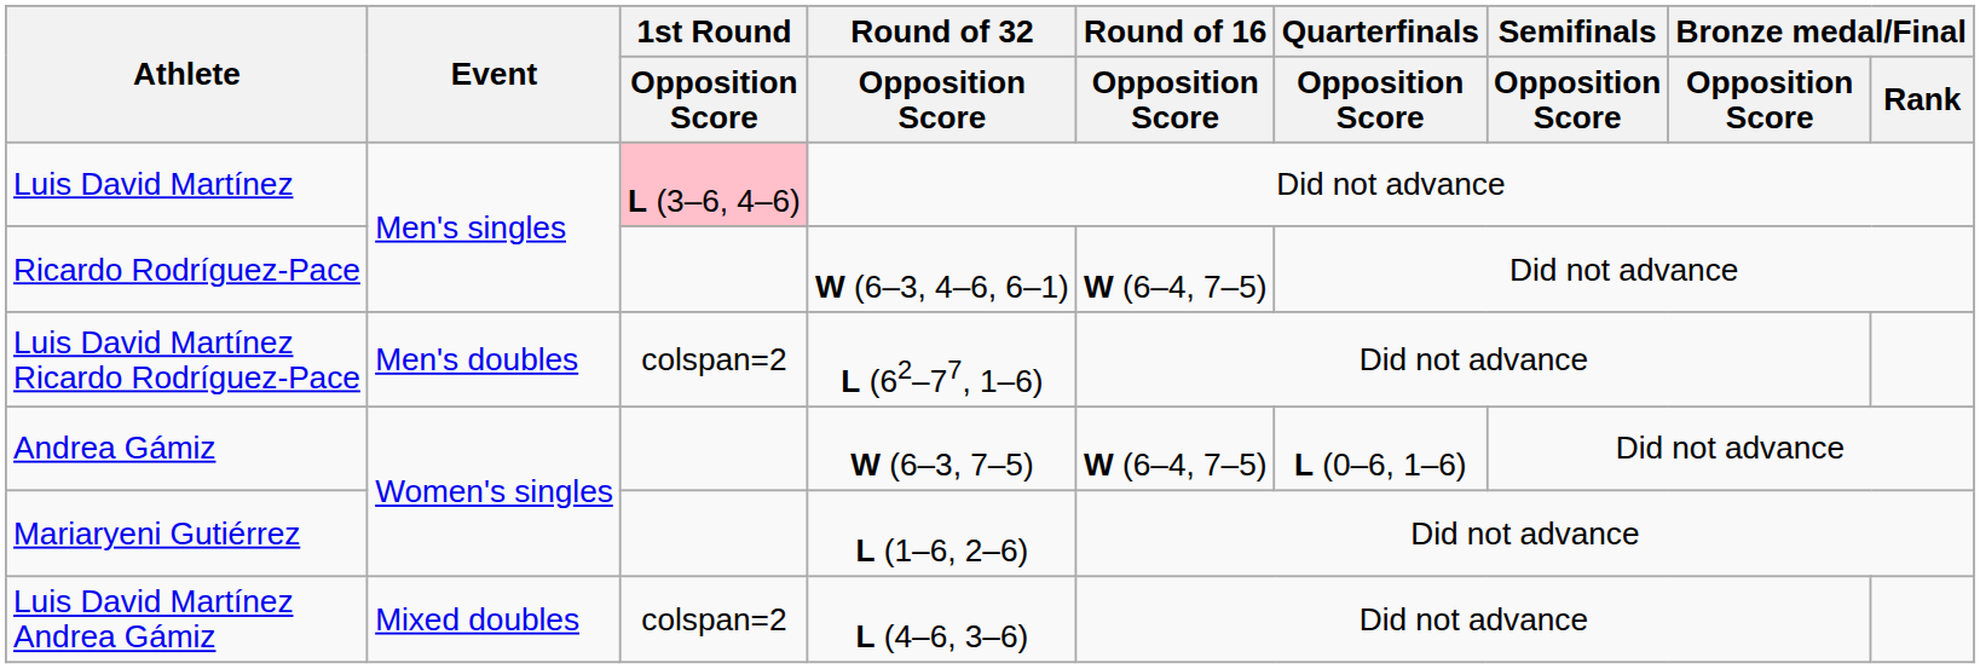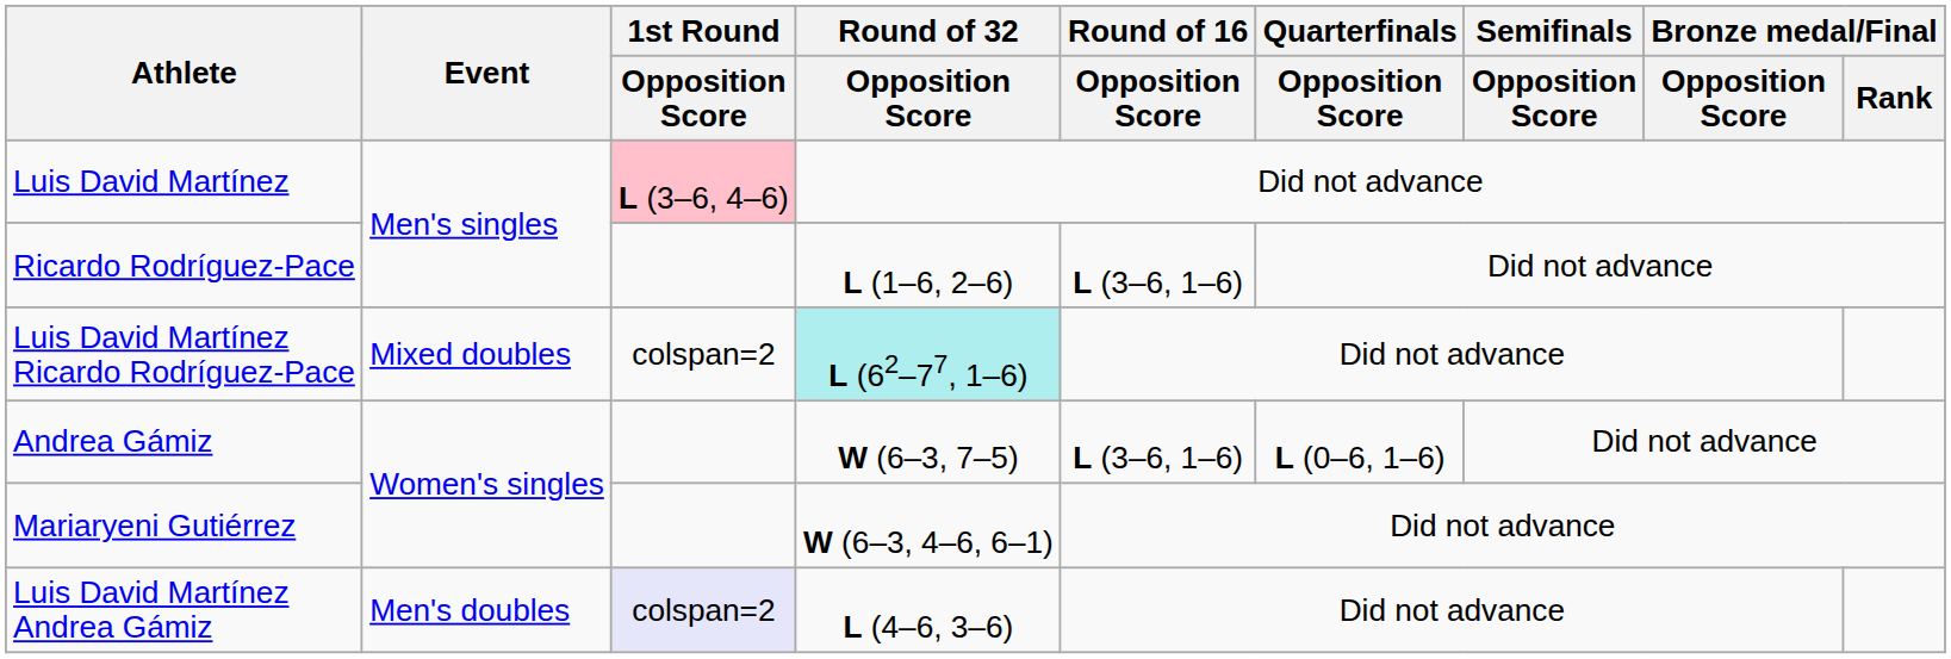 <table class="wikitable" border="1" style="font-size:90%">
 <tr>
 <th rowspan=2>Athlete</th>
 <th rowspan=2>Event</th>
 <th>1st Round</th>
 <th>Round of 32</th>
 <th>Round of 16</th>
 <th>Quarterfinals</th>
 <th>Semifinals</th>
 <th colspan=2>Bronze medal/Final</th>
 </tr>
 <tr>
 <th>Opposition<br>Score</th>
 <th>Opposition<br>Score</th>
 <th>Opposition<br>Score</th>
 <th>Opposition<br>Score</th>
 <th>Opposition<br>Score</th>
 <th>Opposition<br>Score</th>
 <th>Rank</th>
 </tr>
 <tr align=center>
 <td align=left><a href='#'>Luis David Martínez</a></td>
 <td align=left rowspan="2"><a href='#'>Men's singles</a></td>
 <td style="background: pink;"><br><strong>L</strong> (3–6, 4–6)</td>
 <td colspan="6">Did not advance</td>
 </tr>
 <tr align=center>
 <td align=left><a href='#'>Ricardo Rodríguez-Pace</a></td>
 <td></td>
-<td><br><strong>W</strong> (6–3, 4–6, 6–1)</td>
-<td><br><strong>W</strong> (6–4, 7–5)</td>
+<td><br><strong>L</strong> (1–6, 2–6)</td>
+<td><br><strong>L</strong> (3–6, 1–6)</td>
 <td colspan="4">Did not advance</td>
 </tr>
 <tr align=center>
 <td align=left><a href='#'>Luis David Martínez</a><br><a href='#'>Ricardo Rodríguez-Pace</a></td>
-<td align=left><a href='#'>Men's doubles</a></td>
+<td align=left><a href='#'>Mixed doubles</a></td>
 <td>colspan=2 </td>
-<td><br><strong>L</strong> (6<sup>2</sup>–7<sup>7</sup>, 1–6)</td>
+<td style="background: paleturquoise;"><br><strong>L</strong> (6<sup>2</sup>–7<sup>7</sup>, 1–6)</td>
 <td colspan="4">Did not advance</td>
 </tr>
 <tr align=center>
 <td align=left><a href='#'>Andrea Gámiz</a></td>
 <td align=left rowspan="2"><a href='#'>Women's singles</a></td>
 <td></td>
 <td><br><strong>W</strong> (6–3, 7–5)</td>
-<td><br><strong>W</strong> (6–4, 7–5)</td>
+<td><br><strong>L</strong> (3–6, 1–6)</td>
 <td><br><strong>L</strong> (0–6, 1–6)</td>
 <td colspan="3">Did not advance</td>
 </tr>
 <tr align=center>
 <td align=left><a href='#'>Mariaryeni Gutiérrez</a></td>
 <td></td>
-<td><br><strong>L</strong> (1–6, 2–6)</td>
+<td><br><strong>W</strong> (6–3, 4–6, 6–1)</td>
 <td colspan="5">Did not advance</td>
 </tr>
 <tr align=center>
 <td align=left><a href='#'>Luis David Martínez</a><br><a href='#'>Andrea Gámiz</a></td>
-<td align=left><a href='#'>Mixed doubles</a></td>
-<td>colspan=2 </td>
+<td align=left><a href='#'>Men's doubles</a></td>
+<td style="background: lavender;">colspan=2 </td>
 <td><br><strong>L</strong> (4–6, 3–6)</td>
 <td colspan="4">Did not advance</td>
 </tr>
 </table>
